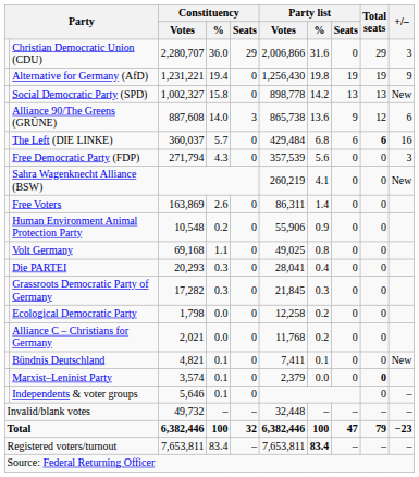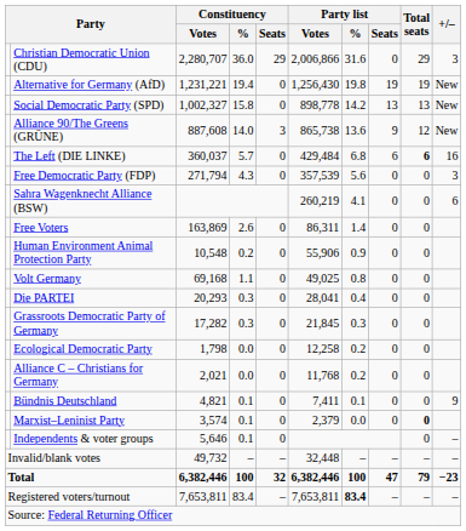 <table class="wikitable" style="text-align:right">
 <tr>
 <th colspan="2" rowspan="2">Party</th>
 <th colspan="3">Constituency</th>
 <th colspan="3">Party list</th>
 <th rowspan="2">Total<br>seats</th>
 <th rowspan="2">+/–</th>
 </tr>
 <tr>
 <th>Votes</th>
 <th>%</th>
 <th>Seats</th>
 <th>Votes</th>
 <th>%</th>
 <th>Seats</th>
 </tr>
 <tr>
 <td></td>
 <td align="left"><a href='#'>Christian Democratic Union</a> (CDU)</td>
 <td>2,280,707</td>
 <td>36.0</td>
 <td>29</td>
 <td>2,006,866</td>
 <td>31.6</td>
 <td>0</td>
 <td>29</td>
 <td> 3</td>
 </tr>
 <tr>
 <td></td>
 <td align="left"><a href='#'>Alternative for Germany</a> (AfD)</td>
 <td>1,231,221</td>
 <td>19.4</td>
 <td>0</td>
 <td>1,256,430</td>
 <td>19.8</td>
 <td>19</td>
 <td>19</td>
-<td> 9</td>
+<td>New</td>
 </tr>
 <tr>
 <td></td>
 <td align="left"><a href='#'>Social Democratic Party</a> (SPD)</td>
 <td>1,002,327</td>
 <td>15.8</td>
 <td>0</td>
 <td>898,778</td>
 <td>14.2</td>
 <td>13</td>
 <td>13</td>
 <td>New</td>
 </tr>
 <tr>
 <td></td>
 <td align="left"><a href='#'>Alliance 90/The Greens</a> (GRÜNE)</td>
 <td>887,608</td>
 <td>14.0</td>
 <td>3</td>
 <td>865,738</td>
 <td>13.6</td>
 <td>9</td>
 <td>12</td>
-<td> 6</td>
+<td>New</td>
 </tr>
 <tr>
 <td></td>
 <td align="left"><a href='#'>The Left</a> (DIE LINKE)</td>
 <td>360,037</td>
 <td>5.7</td>
 <td>0</td>
 <td>429,484</td>
 <td>6.8</td>
 <td>6</td>
 <td><strong>6</strong></td>
 <td> 16</td>
 </tr>
 <tr>
 <td></td>
 <td align="left"><a href='#'>Free Democratic Party</a> (FDP)</td>
 <td>271,794</td>
 <td>4.3</td>
 <td>0</td>
 <td>357,539</td>
 <td>5.6</td>
 <td>0</td>
 <td>0</td>
 <td> 3</td>
 </tr>
 <tr>
 <td style="background-color:"></td>
 <td align="left"><a href='#'>Sahra Wagenknecht Alliance</a> (BSW)</td>
 <td colspan="3"></td>
 <td>260,219</td>
 <td>4.1</td>
 <td>0</td>
 <td>0</td>
-<td>New</td>
+<td> 6</td>
 </tr>
 <tr>
 <td style="background-color:"></td>
 <td align="left"><a href='#'>Free Voters</a></td>
 <td>163,869</td>
 <td>2.6</td>
 <td>0</td>
 <td>86,311</td>
 <td>1.4</td>
 <td>0</td>
 <td>0</td>
 <td></td>
 </tr>
 <tr>
 <td style="background-color:"></td>
 <td align="left"><a href='#'>Human Environment Animal Protection Party</a></td>
 <td>10,548</td>
 <td>0.2</td>
 <td>0</td>
 <td>55,906</td>
 <td>0.9</td>
 <td>0</td>
 <td>0</td>
 <td></td>
 </tr>
 <tr>
 <td style="background-color:"></td>
 <td align="left"><a href='#'>Volt Germany</a></td>
 <td>69,168</td>
 <td>1.1</td>
 <td>0</td>
 <td>49,025</td>
 <td>0.8</td>
 <td>0</td>
 <td>0</td>
 <td></td>
 </tr>
 <tr>
 <td style="background-color:"></td>
 <td align="left"><a href='#'>Die PARTEI</a></td>
 <td>20,293</td>
 <td>0.3</td>
 <td>0</td>
 <td>28,041</td>
 <td>0.4</td>
 <td>0</td>
 <td>0</td>
 <td></td>
 </tr>
 <tr>
 <td style="background-color:"></td>
 <td align="left"><a href='#'>Grassroots Democratic Party of Germany</a></td>
 <td>17,282</td>
 <td>0.3</td>
 <td>0</td>
 <td>21,845</td>
 <td>0.3</td>
 <td>0</td>
 <td>0</td>
 <td></td>
 </tr>
 <tr>
 <td style="background-color:"></td>
 <td align="left"><a href='#'>Ecological Democratic Party</a></td>
 <td>1,798</td>
 <td>0.0</td>
 <td>0</td>
 <td>12,258</td>
 <td>0.2</td>
 <td>0</td>
 <td>0</td>
 <td></td>
 </tr>
 <tr>
 <td style="background-color:"></td>
 <td align="left"><a href='#'>Alliance C – Christians for Germany</a></td>
 <td>2,021</td>
 <td>0.0</td>
 <td>0</td>
 <td>11,768</td>
 <td>0.2</td>
 <td>0</td>
 <td>0</td>
 <td></td>
 </tr>
 <tr>
 <td style="background-color:"></td>
 <td align="left"><a href='#'>Bündnis Deutschland</a></td>
 <td>4,821</td>
 <td>0.1</td>
 <td>0</td>
 <td>7,411</td>
 <td>0.1</td>
 <td>0</td>
 <td>0</td>
-<td>New</td>
+<td> 9</td>
 </tr>
 <tr>
 <td style="background-color:"></td>
 <td align="left"><a href='#'>Marxist–Leninist Party</a></td>
 <td>3,574</td>
 <td>0.1</td>
 <td>0</td>
 <td>2,379</td>
 <td>0.0</td>
 <td>0</td>
 <td><strong>0</strong></td>
 <td></td>
 </tr>
 <tr>
 <td style="background-color:"></td>
 <td align="left"><a href='#'>Independents</a> & voter groups</td>
 <td>5,646</td>
 <td>0.1</td>
 <td>0</td>
 <td colspan="3"></td>
 <td>0</td>
 <td>–</td>
 </tr>
 <tr>
 <td colspan="2" align="left">Invalid/blank votes</td>
 <td>49,732</td>
 <td>–</td>
 <td>–</td>
 <td>32,448</td>
 <td>–</td>
 <td>–</td>
 <td>–</td>
 <td>–</td>
 </tr>
 <tr>
 <td colspan="2" align="left"><strong>Total</strong></td>
 <td><strong>6,382,446</strong></td>
 <td><strong>100</strong></td>
 <td><strong>32</strong></td>
 <td><strong>6,382,446</strong></td>
 <td><strong>100</strong></td>
 <td><strong>47</strong></td>
 <td><strong>79</strong></td>
 <td><strong>−23</strong></td>
 </tr>
 <tr>
 <td colspan="2" align="left">Registered voters/turnout</td>
 <td>7,653,811</td>
 <td>83.4</td>
 <td>–</td>
 <td>7,653,811</td>
 <td><strong>83.4</strong></td>
 <td>–</td>
 <td>–</td>
 <td>–</td>
 </tr>
 <tr>
 <td colspan="10" align="left">Source: <a href='#'>Federal Returning Officer</a></td>
 </tr>
 </table>
